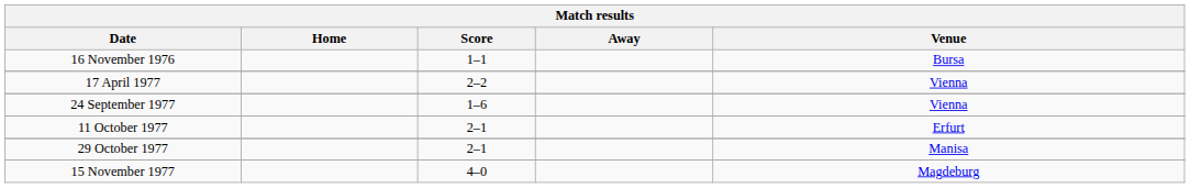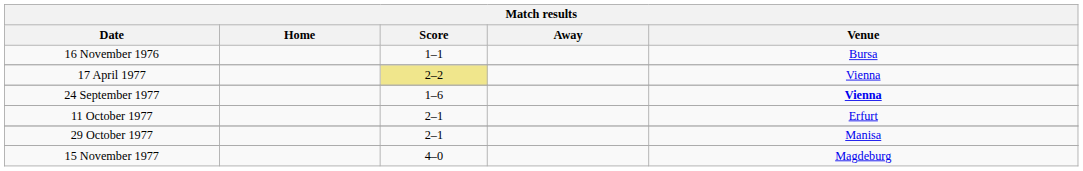 <table class="wikitable" style="font-size:90%; width: 100%; text-align: center;">
 <tr>
 <th colspan=6>Match results</th>
 </tr>
 <tr>
 <th width=20%>Date</th>
 <th width=15%>Home</th>
 <th width=10%>Score</th>
 <th width=15%>Away</th>
 <th width=40%>Venue</th>
 </tr>
 <tr>
 <td>16 November 1976</td>
 <td style="text-align:right"></td>
 <td>1–1</td>
 <td style="text-align:left"></td>
 <td><a href='#'>Bursa</a></td>
 </tr>
 <tr>
 </tr>
 <tr>
 <td>17 April 1977</td>
 <td style="text-align:right"></td>
-<td>2–2</td>
+<td style="background: khaki;">2–2</td>
 <td style="text-align:left"></td>
 <td><a href='#'>Vienna</a></td>
 </tr>
 <tr>
 </tr>
 <tr>
 <td>24 September 1977</td>
 <td style="text-align:right"></td>
 <td>1–6</td>
 <td style="text-align:left"></td>
-<td><a href='#'>Vienna</a></td>
+<td><strong><a href='#'>Vienna</a></strong></td>
 </tr>
 <tr>
 </tr>
 <tr>
 <td>11 October 1977</td>
 <td style="text-align:right"></td>
 <td>2–1</td>
 <td style="text-align:left"></td>
 <td><a href='#'>Erfurt</a></td>
 </tr>
 <tr>
 </tr>
 <tr>
 <td>29 October 1977</td>
 <td style="text-align:right"></td>
 <td>2–1</td>
 <td style="text-align:left"></td>
 <td><a href='#'>Manisa</a></td>
 </tr>
 <tr>
 </tr>
 <tr>
 <td>15 November 1977</td>
 <td style="text-align:right"></td>
 <td>4–0</td>
 <td style="text-align:left"></td>
 <td><a href='#'>Magdeburg</a></td>
 </tr>
 </table>
